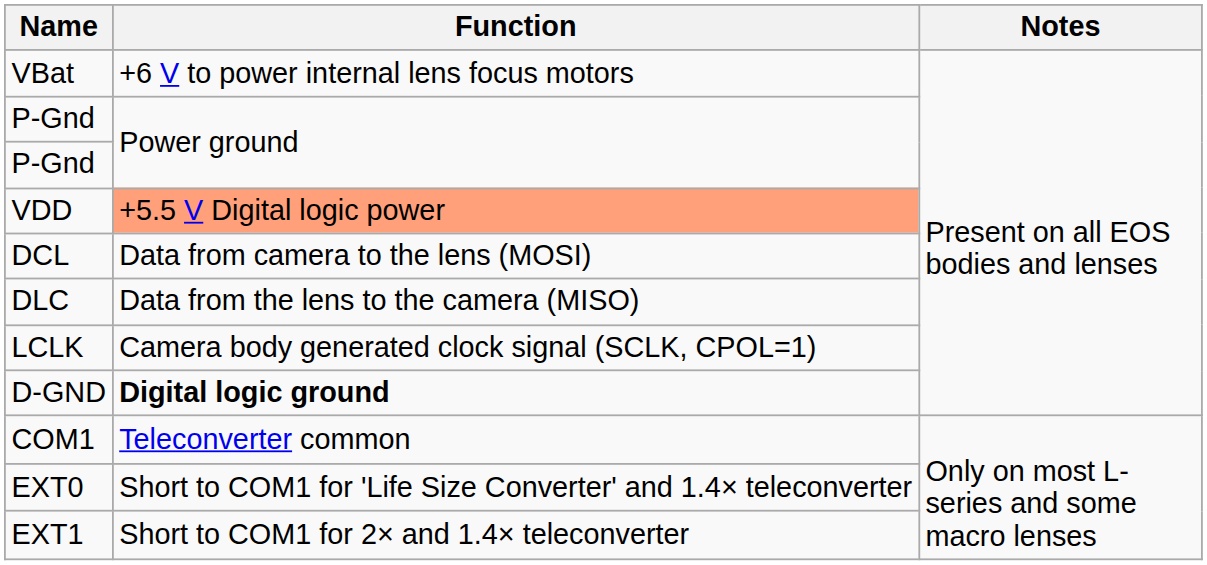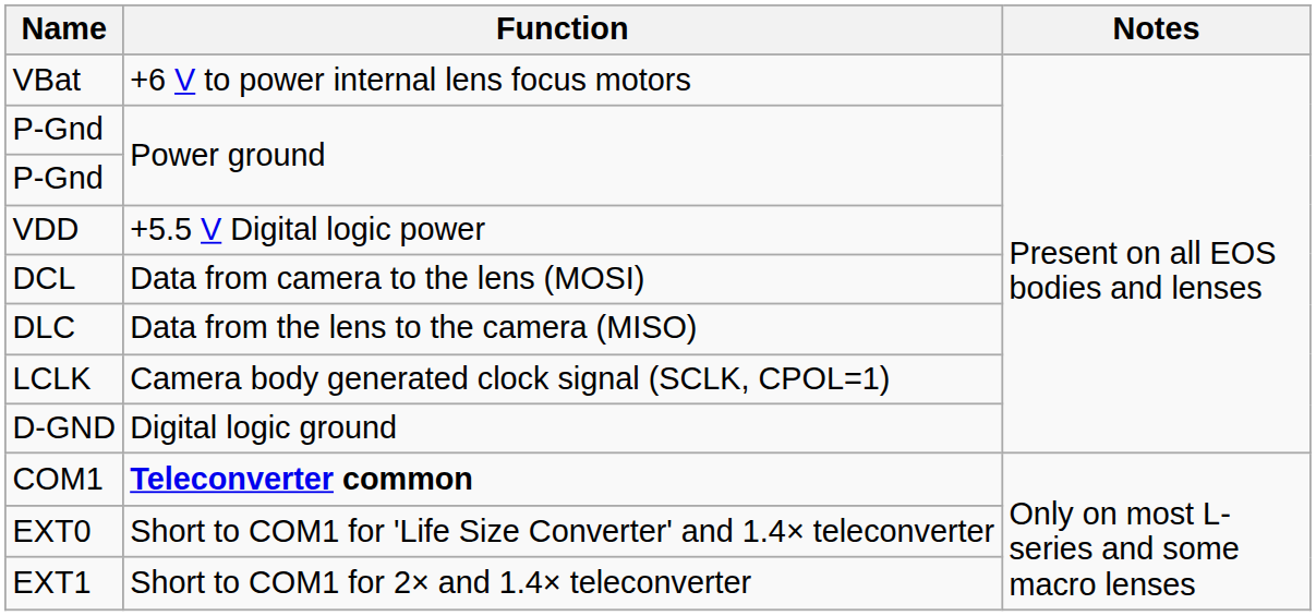 <table class="wikitable">
 <tr>
 <th>Name</th>
 <th>Function</th>
 <th>Notes</th>
 </tr>
 <tr>
 <td>VBat</td>
 <td>+6 <a href='#'>V</a> to power internal lens focus motors</td>
 <td rowspan="8" style="width:150px;"><br>Present on all EOS bodies and lenses</td>
 </tr>
 <tr>
 <td>P-Gnd</td>
 <td rowspan=2>Power ground</td>
 </tr>
 <tr>
 <td>P-Gnd</td>
 </tr>
 <tr>
 <td>VDD</td>
-<td style="background: lightsalmon;">+5.5 <a href='#'>V</a> Digital logic power</td>
+<td>+5.5 <a href='#'>V</a> Digital logic power</td>
 </tr>
 <tr>
 <td>DCL</td>
 <td>Data from camera to the lens (MOSI)</td>
 </tr>
 <tr>
 <td>DLC</td>
 <td>Data from the lens to the camera (MISO)</td>
 </tr>
 <tr>
 <td>LCLK</td>
 <td>Camera body generated clock signal (SCLK, CPOL=1)</td>
 </tr>
 <tr>
 <td>D-GND</td>
-<td><strong>Digital logic ground</strong></td>
+<td>Digital logic ground</td>
 </tr>
 <tr>
 <td>COM1</td>
-<td><a href='#'>Teleconverter</a> common</td>
+<td><strong><a href='#'>Teleconverter</a> common</strong></td>
 <td rowspan=3><br>Only on most L-series and some macro lenses</td>
 </tr>
 <tr>
 <td>EXT0</td>
 <td>Short to COM1 for 'Life Size Converter' and 1.4× teleconverter</td>
 </tr>
 <tr>
 <td>EXT1</td>
 <td>Short to COM1 for 2× and 1.4× teleconverter</td>
 </tr>
 </table>
